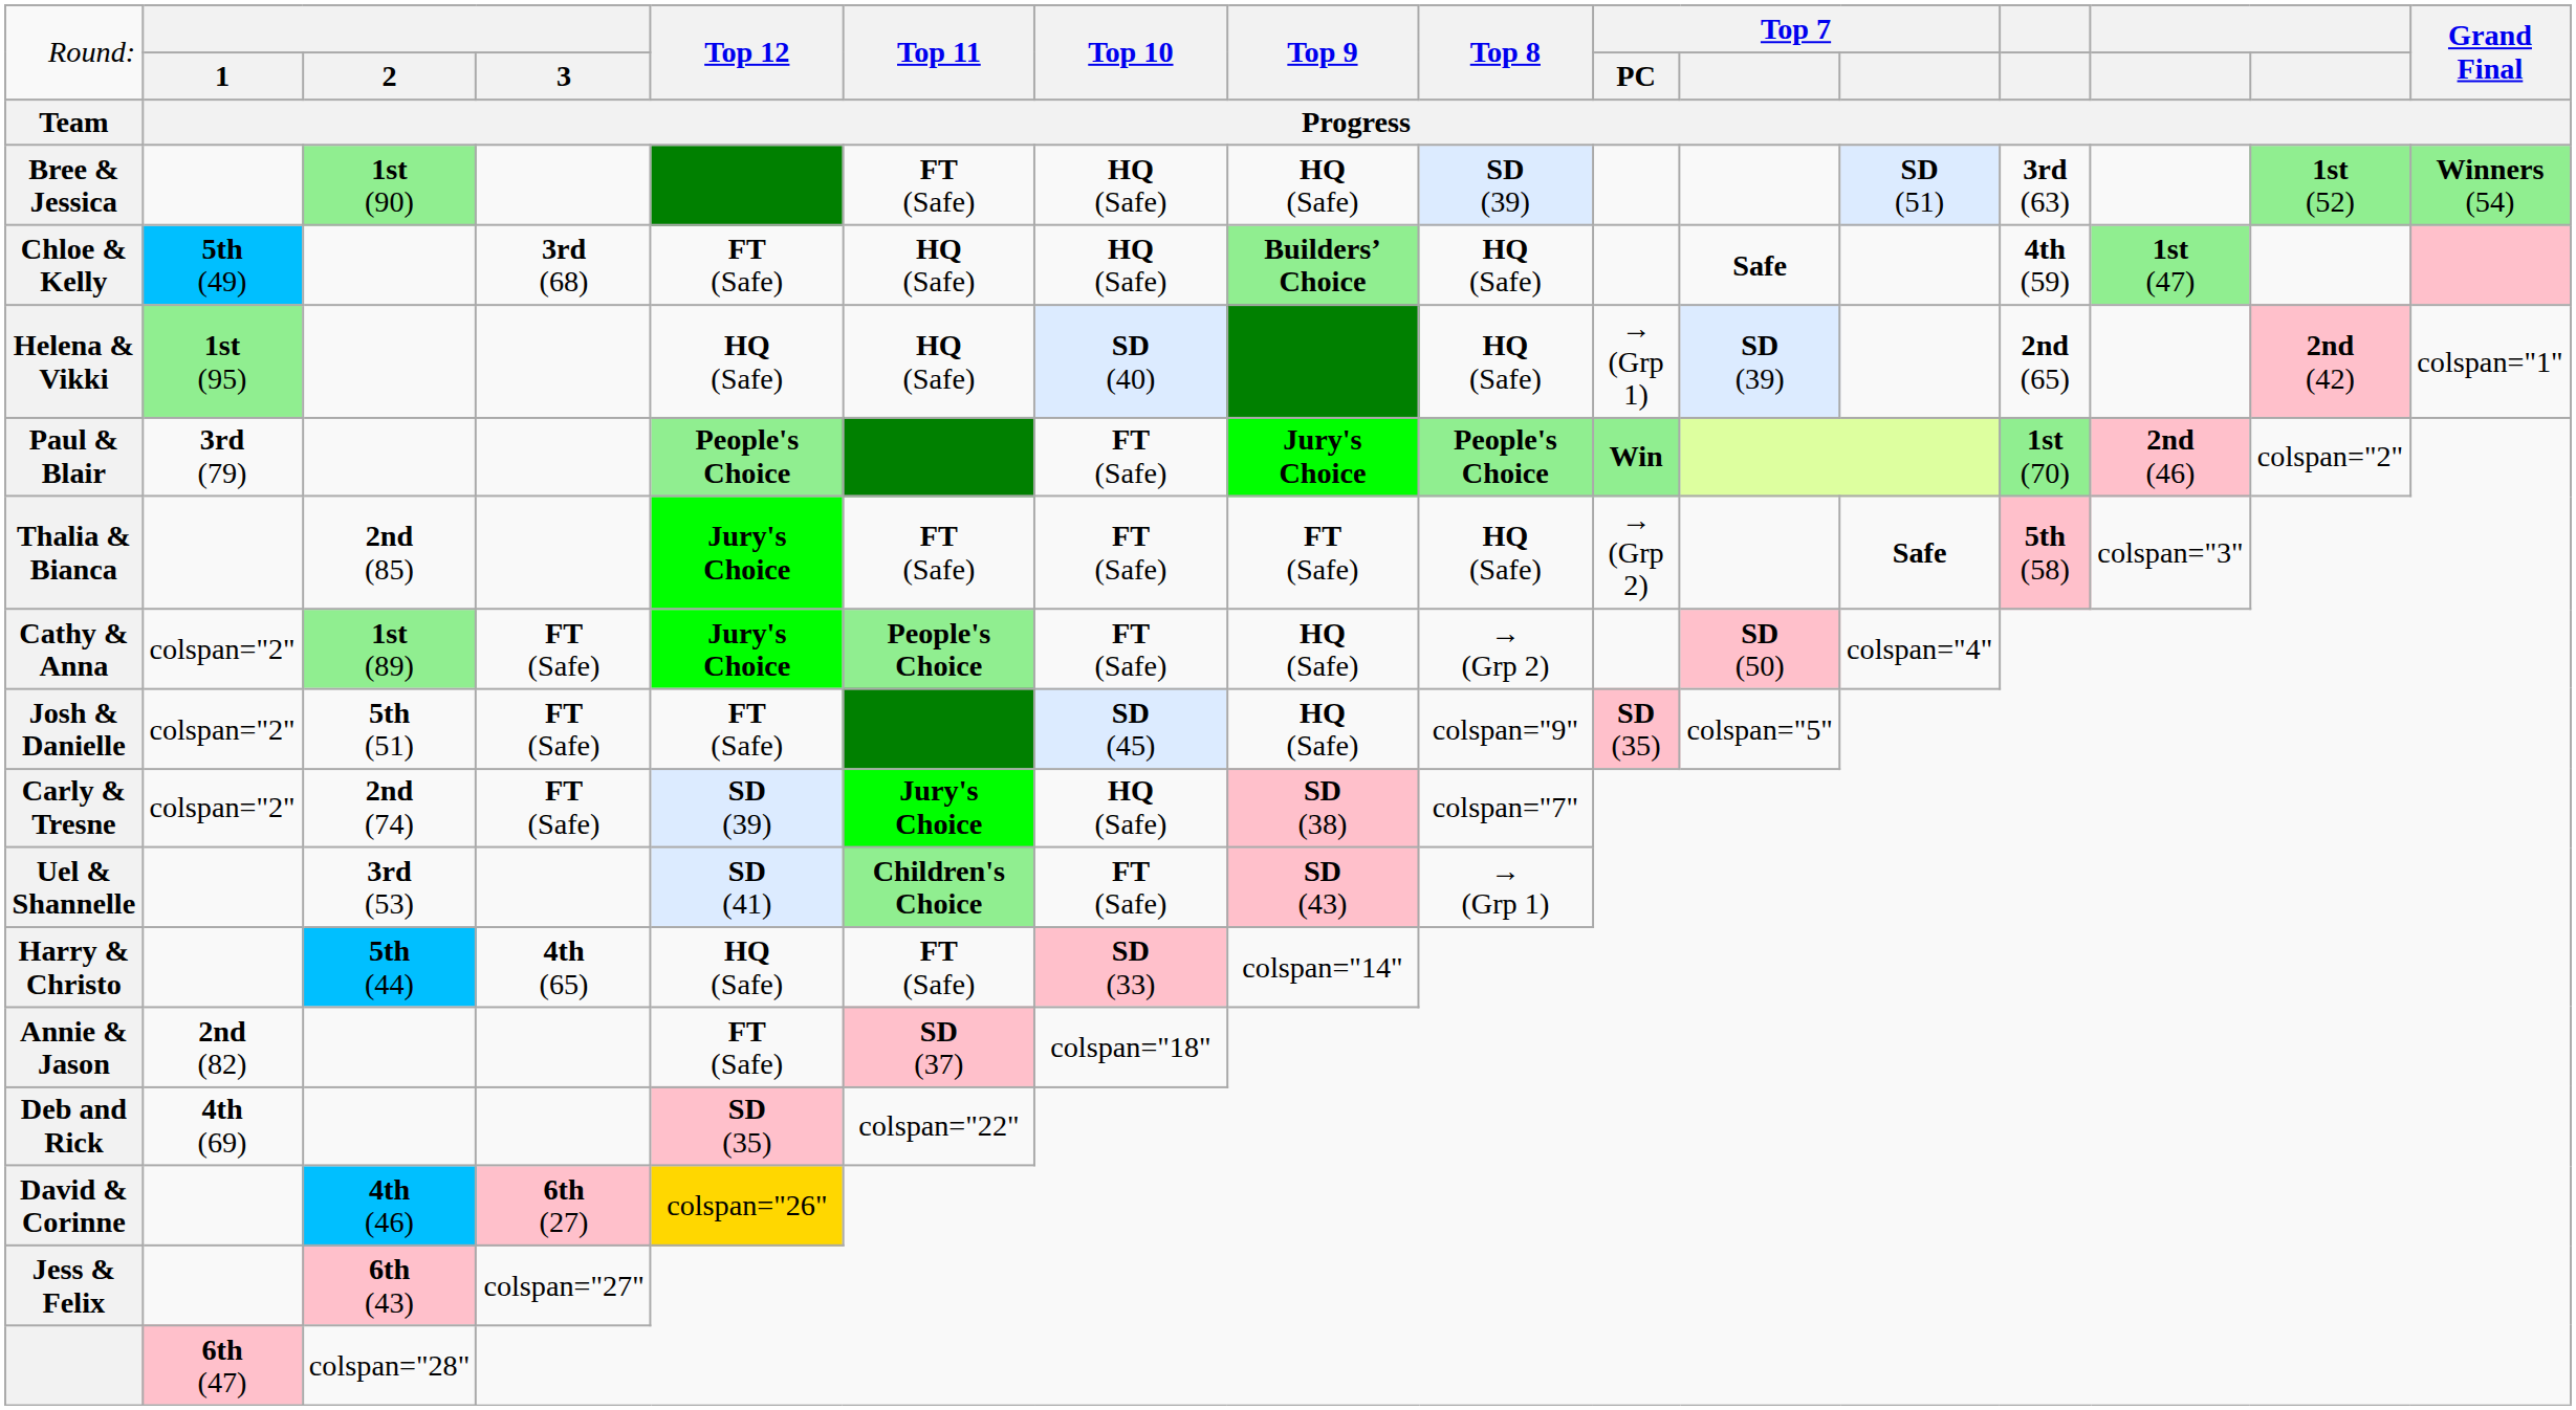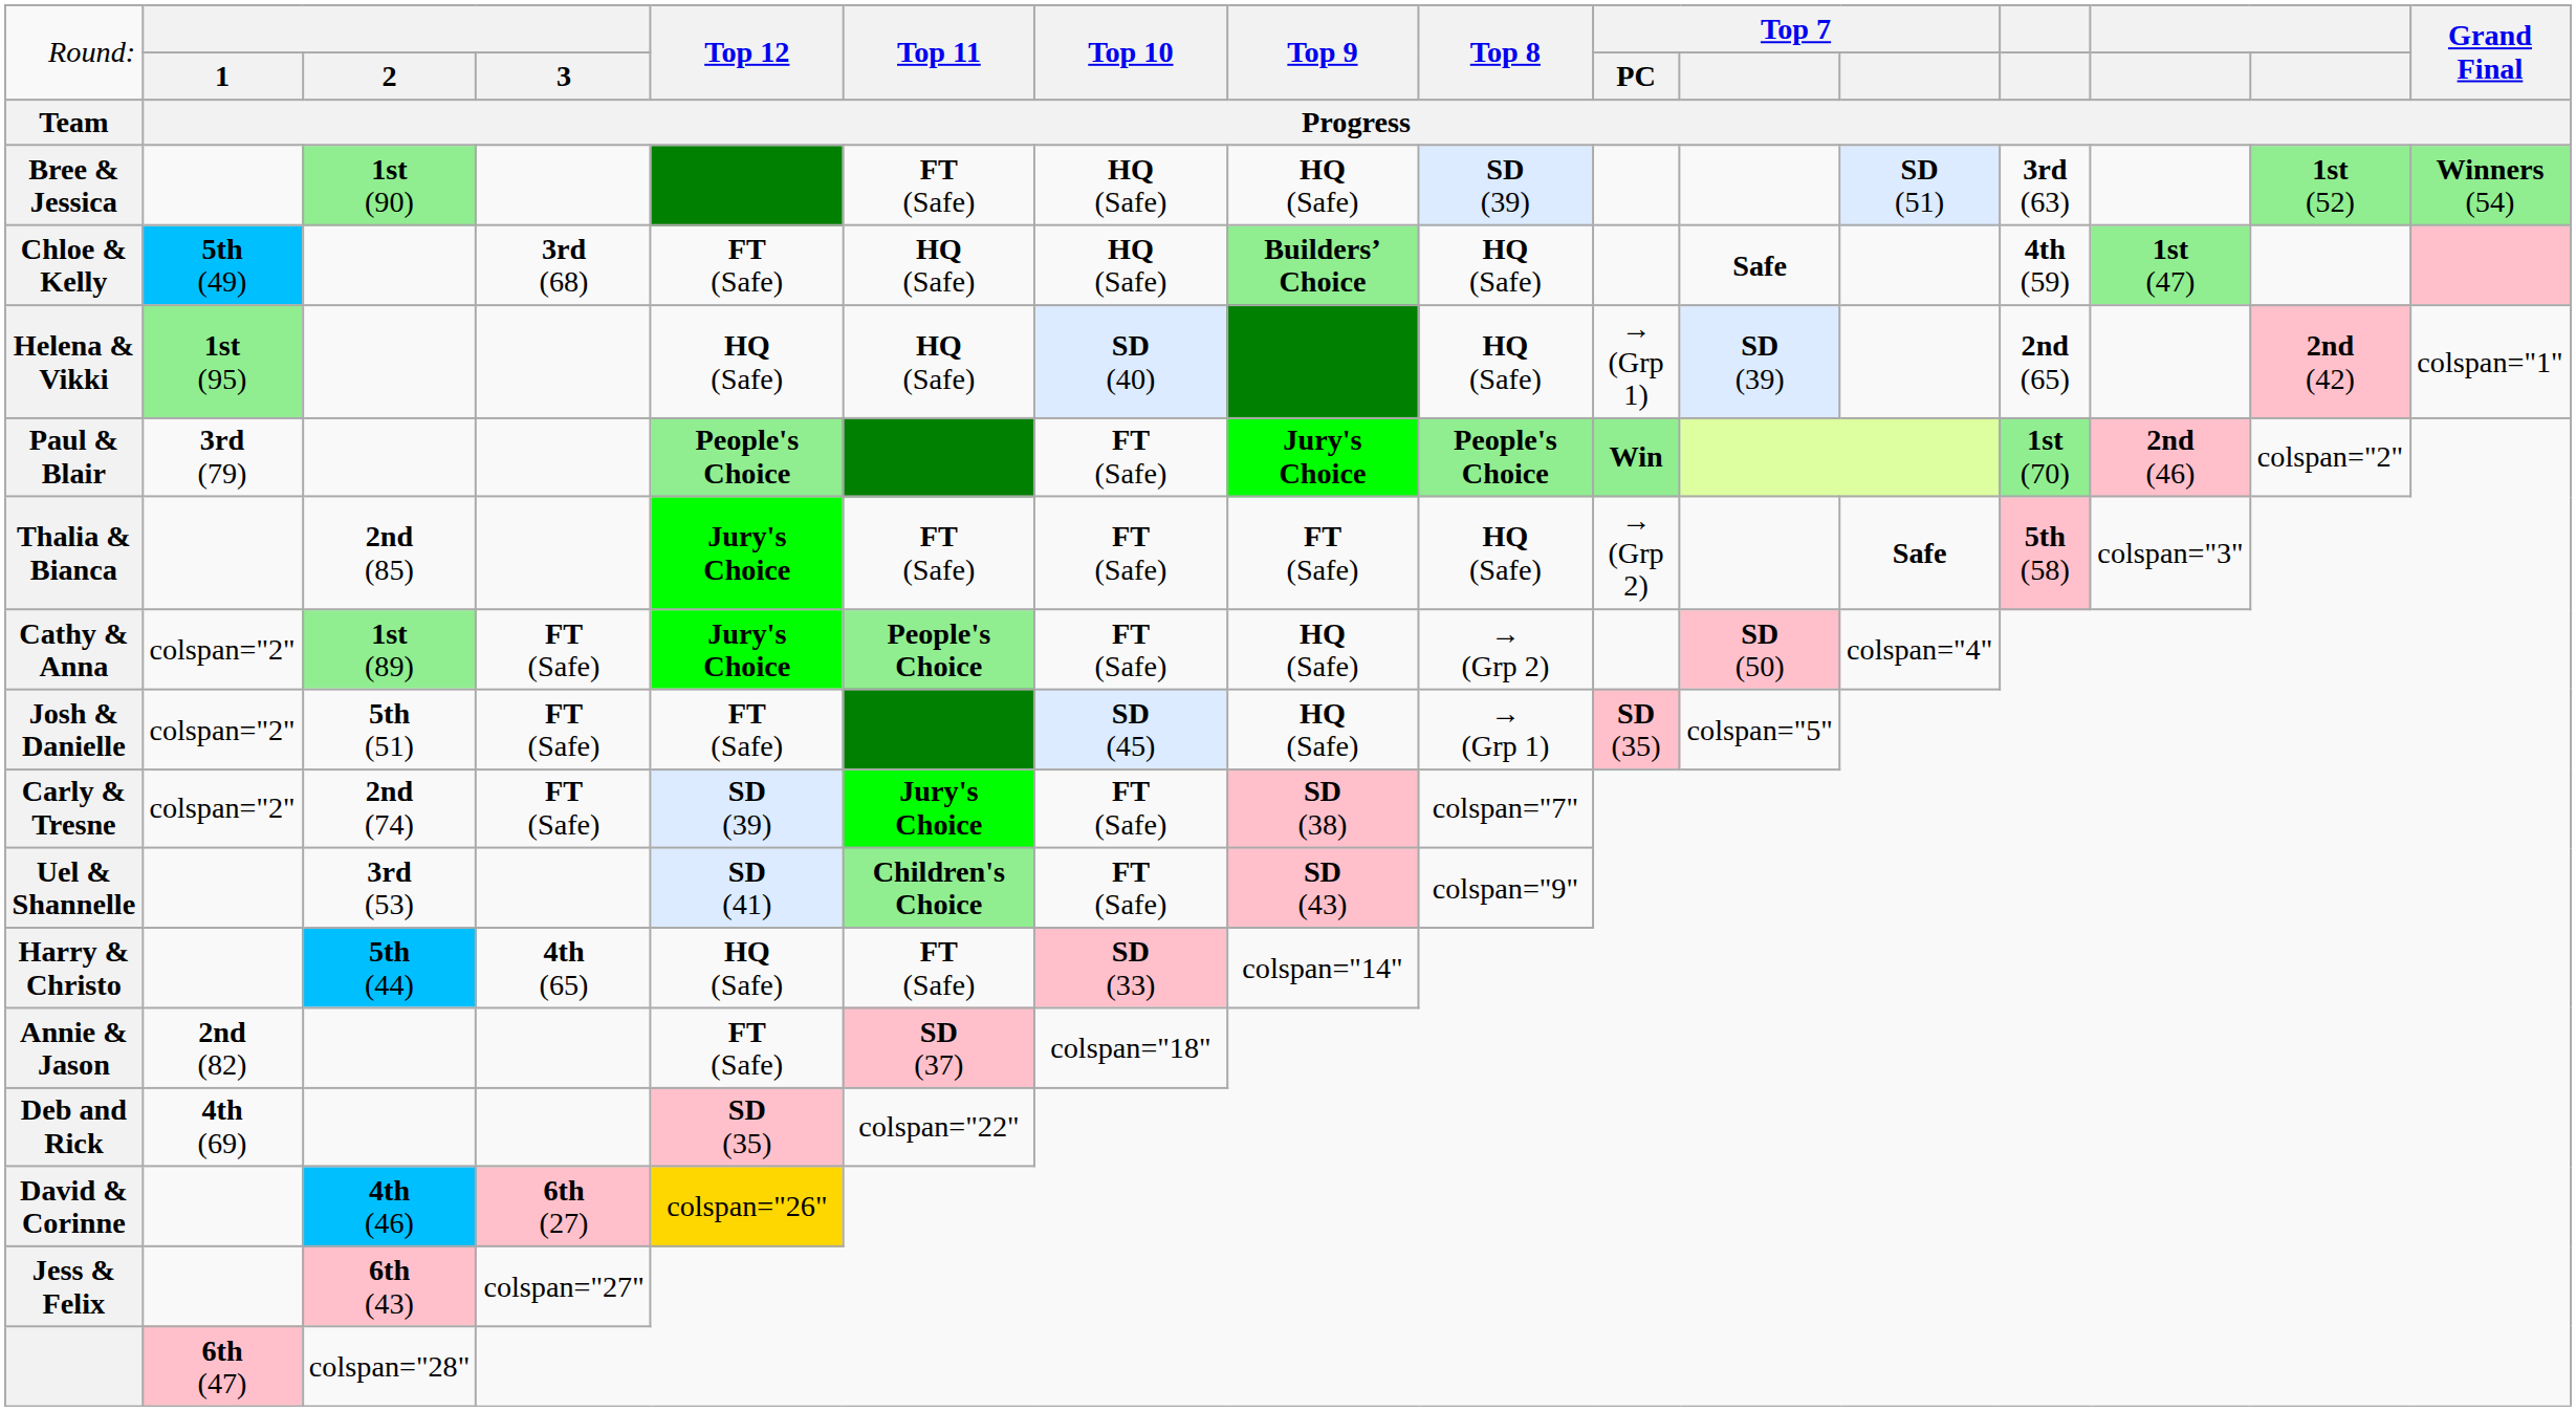 <table class="wikitable" style="text-align: center; font-size: 90%; line-height:16px;">
 <tr>
 <td style="width:5%; text-align:right;" rowspan="2"><em>Round:</em></td>
 <th colspan="3"></th>
 <th style="width:9%;" rowspan="2"><a href='#'>Top 12</a></th>
 <th style="width:9%;" rowspan="2"><a href='#'>Top 11</a></th>
 <th style="width:9%;" rowspan="2"><a href='#'>Top 10</a></th>
 <th style="width:9%;" rowspan="2"><a href='#'>Top 9</a></th>
 <th style="width:8%;" rowspan="2"><a href='#'>Top 8</a></th>
 <th style="width:9%;" colspan="3"><a href='#'>Top 7</a></th>
 <th style="width:6%;"></th>
 <th style="width:6%;" colspan="2"></th>
 <th style="width:6%;" rowspan="2"><a href='#'>Grand Final</a></th>
 </tr>
 <tr>
 <th style="width:4%;">1</th>
 <th style="width:4%;">2</th>
 <th style="width:4%;">3</th>
 <th style="width:5%;">PC</th>
 <th style="width:4%;"></th>
 <th style="width:4%;"></th>
 <th style="width:4%;"></th>
 <th style="width:4%;"></th>
 <th style="width:4%;"></th>
 </tr>
 <tr>
 <th>Team</th>
 <th colspan="15">Progress</th>
 </tr>
 <tr>
 <th>Bree & Jessica</th>
 <td></td>
 <td style="background:lightgreen;"><strong>1st</strong><br>(90)</td>
 <td></td>
 <td style="background:green;"></td>
 <td><strong>FT</strong><br>(Safe)</td>
 <td><strong>HQ</strong><br>(Safe)</td>
 <td><strong>HQ</strong><br>(Safe)</td>
 <td style="background:#DCEBFF"><strong>SD</strong><br>(39)</td>
 <td></td>
 <td></td>
 <td style="background:#DCEBFF"><strong>SD</strong><br>(51)</td>
 <td><strong>3rd</strong> <br>(63)</td>
 <td></td>
 <td style="background:lightgreen;"><strong>1st</strong><br>(52)</td>
 <td style=background:lightgreen><strong>Winners</strong><br>(54)</td>
 </tr>
 <tr>
 <th>Chloe & Kelly</th>
 <td style="background:deepskyblue;"><strong>5th</strong><br>(49)</td>
 <td></td>
 <td><strong>3rd</strong><br>(68)</td>
 <td><strong>FT</strong><br>(Safe)</td>
 <td><strong>HQ</strong><br>(Safe)</td>
 <td><strong>HQ</strong><br>(Safe)</td>
 <td style="background:lightgreen"><strong>Builders’ Choice</strong></td>
 <td><strong>HQ</strong><br>(Safe)</td>
 <td><br></td>
 <td><strong>Safe</strong></td>
 <td></td>
 <td><strong>4th</strong> <br>(59)</td>
 <td style="background:lightgreen;"><strong>1st</strong><br>(47)</td>
 <td></td>
 <td style=background:pink></td>
 </tr>
 <tr>
 <th>Helena & Vikki</th>
 <td style="background:lightgreen;"><strong>1st</strong><br>(95)</td>
 <td></td>
 <td></td>
 <td><strong>HQ</strong><br>(Safe)</td>
 <td><strong>HQ</strong><br>(Safe)</td>
 <td style="background:#DCEBFF"><strong>SD</strong><br>(40)</td>
 <td style="background:green;"></td>
 <td><strong>HQ</strong><br>(Safe)</td>
 <td>→<br>(Grp 1)</td>
 <td style="background:#DCEBFF"><strong>SD</strong><br>(39)</td>
 <td></td>
 <td><strong>2nd</strong> <br>(65)</td>
 <td></td>
 <td style=background:pink><strong>2nd</strong><br>(42)</td>
 <td>colspan="1" </td>
 </tr>
 <tr>
 <th>Paul & Blair</th>
 <td><strong>3rd</strong><br>(79)</td>
 <td></td>
 <td></td>
 <td style="background:lightgreen"><strong>People's Choice</strong></td>
 <td style="background:green;"></td>
 <td><strong>FT</strong><br>(Safe)</td>
 <td style="background:lime;"><strong>Jury's<br>Choice</strong></td>
 <td style="background:lightgreen"><strong>People's Choice</strong></td>
 <td style="background:lightgreen"><strong>Win</strong></td>
 <td colspan="2" style="background:#DDFF9F"></td>
 <td style="background:lightgreen"><strong>1st</strong> <br>(70)</td>
 <td style=background:pink><strong>2nd</strong><br>(46)</td>
 <td>colspan="2" </td>
 </tr>
 <tr>
 <th>Thalia & Bianca</th>
 <td></td>
 <td><strong>2nd</strong><br>(85)</td>
 <td></td>
 <td style="background:lime"><strong>Jury's<br>Choice</strong></td>
 <td><strong>FT</strong><br>(Safe)</td>
 <td><strong>FT</strong><br>(Safe)</td>
 <td><strong>FT</strong><br>(Safe)</td>
 <td><strong>HQ</strong><br>(Safe)</td>
 <td>→<br>(Grp 2)</td>
 <td></td>
 <td><strong>Safe</strong></td>
 <td style=background:pink><strong>5th</strong><br>(58)</td>
 <td>colspan="3" </td>
 </tr>
 <tr>
 <th>Cathy & Anna</th>
 <td>colspan="2" </td>
 <td style="background:lightgreen;"><strong>1st</strong><br>(89)</td>
 <td><strong>FT</strong><br>(Safe)</td>
 <td style="background:lime;"><strong>Jury's<br>Choice</strong></td>
 <td style="background:lightgreen"><strong>People's Choice</strong></td>
 <td><strong>FT</strong><br>(Safe)</td>
 <td><strong>HQ</strong><br>(Safe)</td>
 <td>→<br>(Grp 2)</td>
 <td></td>
 <td style="background:pink;"><strong>SD</strong><br>(50)</td>
 <td>colspan="4" </td>
 </tr>
 <tr>
 <th>Josh & Danielle</th>
 <td>colspan="2" </td>
 <td><strong>5th</strong><br>(51)</td>
 <td><strong>FT</strong><br>(Safe)</td>
 <td><strong>FT</strong><br>(Safe)</td>
 <td style="background:green;"> </td>
 <td style="background:#DCEBFF"><strong>SD</strong><br>(45)</td>
 <td><strong>HQ</strong><br>(Safe)</td>
-<td>colspan="9" </td>
+<td>→<br>(Grp 1)</td>
 <td style="background:pink;"><strong>SD</strong><br>(35)</td>
 <td>colspan="5" </td>
 </tr>
 <tr>
 <th>Carly & Tresne</th>
 <td>colspan="2" </td>
 <td><strong>2nd</strong><br>(74)</td>
 <td><strong>FT</strong><br>(Safe)</td>
 <td style="background:#DCEBFF"><strong>SD</strong><br>(39)</td>
 <td style="background:lime;"><strong>Jury's<br>Choice</strong></td>
-<td><strong>HQ</strong><br>(Safe)</td>
+<td><strong>FT</strong><br>(Safe)</td>
 <td style="background:pink"><strong>SD</strong><br>(38)</td>
 <td>colspan="7" </td>
 </tr>
 <tr>
 <th>Uel & Shannelle</th>
 <td></td>
 <td><strong>3rd</strong><br>(53)</td>
 <td></td>
 <td style="background:#DCEBFF"><strong>SD</strong><br>(41)</td>
 <td style="background:lightgreen"><strong>Children's Choice</strong></td>
 <td><strong>FT</strong><br>(Safe)</td>
 <td style="background:pink"><strong>SD</strong><br>(43)</td>
-<td>→<br>(Grp 1)</td>
+<td>colspan="9" </td>
 </tr>
 <tr>
 <th>Harry & Christo</th>
 <td></td>
 <td style="background:deepskyblue;"><strong>5th</strong><br>(44)</td>
 <td><strong>4th</strong><br>(65)</td>
 <td><strong>HQ</strong><br>(Safe)</td>
 <td><strong>FT</strong><br>(Safe)</td>
 <td style="background:pink;"><strong>SD</strong><br>(33)</td>
 <td>colspan="14" </td>
 </tr>
 <tr>
 <th>Annie & Jason</th>
 <td><strong>2nd</strong><br>(82)</td>
 <td></td>
 <td></td>
 <td><strong>FT</strong><br>(Safe)</td>
 <td style="background:pink"><strong>SD</strong><br>(37)</td>
 <td>colspan="18" </td>
 </tr>
 <tr>
 <th>Deb and Rick</th>
 <td><strong>4th</strong><br>(69)</td>
 <td></td>
 <td></td>
 <td style="background:pink"><strong>SD</strong><br>(35)</td>
 <td>colspan="22" </td>
 </tr>
 <tr>
 <th>David & Corinne</th>
 <td></td>
 <td style="background:deepskyblue;"><strong>4th</strong><br>(46)</td>
 <td style="background:pink;"><strong>6th</strong><br>(27)</td>
 <td style="background: gold;">colspan="26" </td>
 </tr>
 <tr>
 <th>Jess & Felix</th>
 <td></td>
 <td style="background:pink;"><strong>6th</strong><br>(43)</td>
 <td>colspan="27" </td>
 </tr>
 <tr>
 <th></th>
 <td style="background:pink;"><strong>6th</strong><br>(47)</td>
 <td>colspan="28" </td>
 </tr>
 <tr>
 </tr>
 </table>
